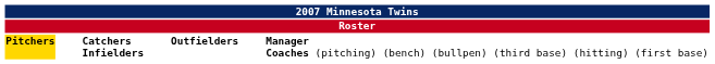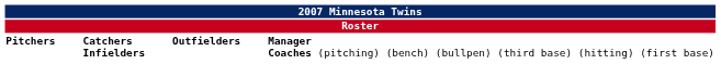 <table class="toccolours" style="font-size: 95%;">
 <tr>
 <th colspan="10" style="background-color: #072764; color: #FFFFFF; text-align: center;">2007 Minnesota Twins</th>
 </tr>
 <tr>
 <td colspan="10" style="background-color: #c6011f; color: white; text-align: center;"><strong>Roster</strong></td>
 </tr>
 <tr>
-<td valign="top" style="background: gold;"><strong>Pitchers</strong><br>                  </td>
+<td valign="top"><strong>Pitchers</strong><br>                  </td>
 <td width="25px"></td>
 <td valign="top"><strong>Catchers</strong><br>     <strong>Infielders</strong>          </td>
 <td width="25px"></td>
 <td valign="top"><strong>Outfielders</strong><br>       </td>
 <td width="25px"></td>
 <td valign="top"><strong>Manager</strong><br> <strong>Coaches</strong>  (pitching)  (bench)  (bullpen)  (third base)  (hitting)  (first base)</td>
 </tr>
 <tr>
 </tr>
 </table>
